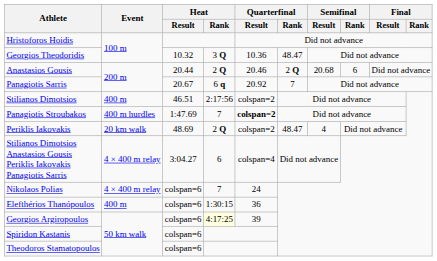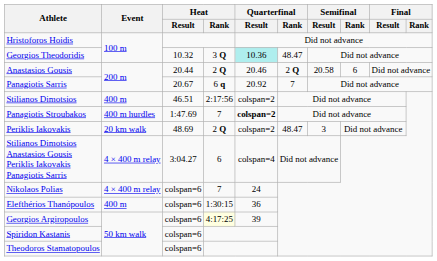 <table class=wikitable style="font-size:90%">
 <tr>
 <th rowspan="2">Athlete</th>
 <th rowspan="2">Event</th>
 <th colspan="2">Heat</th>
 <th colspan="2">Quarterfinal</th>
 <th colspan="2">Semifinal</th>
 <th colspan="2">Final</th>
 </tr>
 <tr style="font-size:95%">
 <th>Result</th>
 <th>Rank</th>
 <th>Result</th>
 <th>Rank</th>
 <th>Result</th>
 <th>Rank</th>
 <th>Result</th>
 <th>Rank</th>
 </tr>
 <tr align=center>
 <td align=left><a href='#'>Hristoforos Hoidis</a></td>
 <td align=left rowspan=2><a href='#'>100 m</a></td>
 <td colspan=2></td>
 <td colspan=6>Did not advance</td>
 </tr>
 <tr align=center>
 <td align=left><a href='#'>Georgios Theodoridis</a></td>
 <td>10.32</td>
 <td>3 <strong>Q</strong></td>
-<td>10.36</td>
+<td style="background: paleturquoise;">10.36</td>
 <td>48.47</td>
 <td colspan=4>Did not advance</td>
 </tr>
 <tr align=center>
 <td align=left><a href='#'>Anastasios Gousis</a></td>
 <td align=left rowspan=2><a href='#'>200 m</a></td>
 <td>20.44</td>
 <td>2 <strong>Q</strong></td>
 <td>20.46</td>
 <td>2 <strong>Q</strong></td>
-<td>20.68</td>
+<td>20.58</td>
 <td>6</td>
 <td colspan=2>Did not advance</td>
 </tr>
 <tr align=center>
 <td align=left><a href='#'>Panagiotis Sarris</a></td>
 <td>20.67</td>
 <td>6 <strong>q</strong></td>
 <td>20.92</td>
 <td>7</td>
 <td colspan=4>Did not advance</td>
 </tr>
 <tr align=center>
 <td align=left><a href='#'>Stilianos Dimotsios</a></td>
 <td align=left><a href='#'>400 m</a></td>
 <td>46.51</td>
 <td>2:17:56</td>
 <td>colspan=2 </td>
 <td colspan=4>Did not advance</td>
 </tr>
 <tr align=center>
 <td align=left><a href='#'>Panagiotis Stroubakos</a></td>
 <td align=left><a href='#'>400 m hurdles</a></td>
 <td>1:47.69</td>
 <td>7</td>
 <td><strong>colspan=2 </strong></td>
 <td colspan=4>Did not advance</td>
 </tr>
 <tr align=center>
 <td align=left><a href='#'>Periklis Iakovakis</a></td>
 <td align=left><a href='#'>20 km walk</a></td>
 <td>48.69</td>
 <td>2 <strong>Q</strong></td>
 <td>colspan=2 </td>
 <td>48.47</td>
-<td>4</td>
+<td>3</td>
 <td colspan=2>Did not advance</td>
 </tr>
 <tr align=center>
 <td align=left><a href='#'>Stilianos Dimotsios</a><br><a href='#'>Anastasios Gousis</a><br><a href='#'>Periklis Iakovakis</a><br><a href='#'>Panagiotis Sarris</a></td>
 <td align=left><a href='#'>4 × 400 m relay</a></td>
 <td>3:04.27</td>
 <td>6</td>
 <td>colspan=4 </td>
 <td colspan=2>Did not advance</td>
 </tr>
 <tr align=center>
 <td align=left><a href='#'>Nikolaos Polias</a></td>
 <td align=left><a href='#'>4 × 400 m relay</a></td>
 <td>colspan=6 </td>
 <td>7</td>
 <td>24</td>
 </tr>
 <tr align=center>
 <td align=left><a href='#'>Elefthérios Thanópoulos</a></td>
 <td align=left><a href='#'>400 m</a></td>
 <td>colspan=6 </td>
 <td>1:30:15</td>
 <td>36</td>
 </tr>
 <tr align=center>
 <td align=left><a href='#'>Georgios Argiropoulos</a></td>
 <td align=left rowspan="3"><a href='#'>50 km walk</a></td>
 <td>colspan=6 </td>
 <td style="background: lightyellow;">4:17:25</td>
 <td>39</td>
 </tr>
 <tr align=center>
 <td align=left><a href='#'>Spiridon Kastanis</a></td>
 <td>colspan=6 </td>
 <td colspan=2></td>
 </tr>
 <tr align=center>
 <td align=left><a href='#'>Theodoros Stamatopoulos</a></td>
 <td>colspan=6 </td>
 <td colspan=2></td>
 </tr>
 </table>
